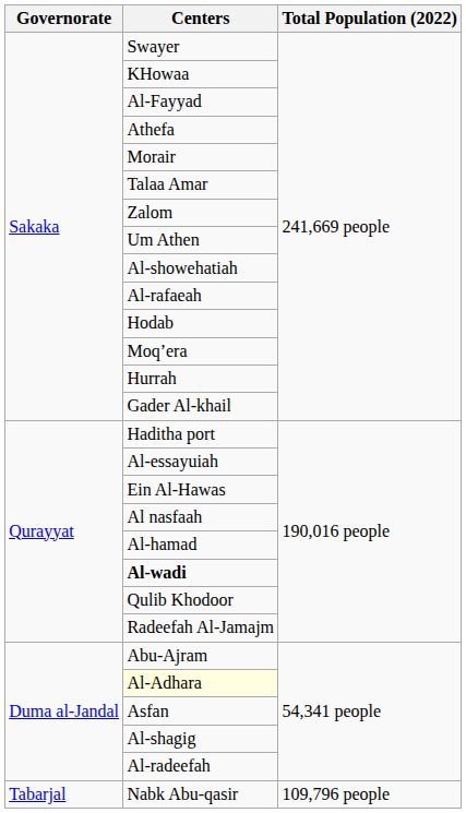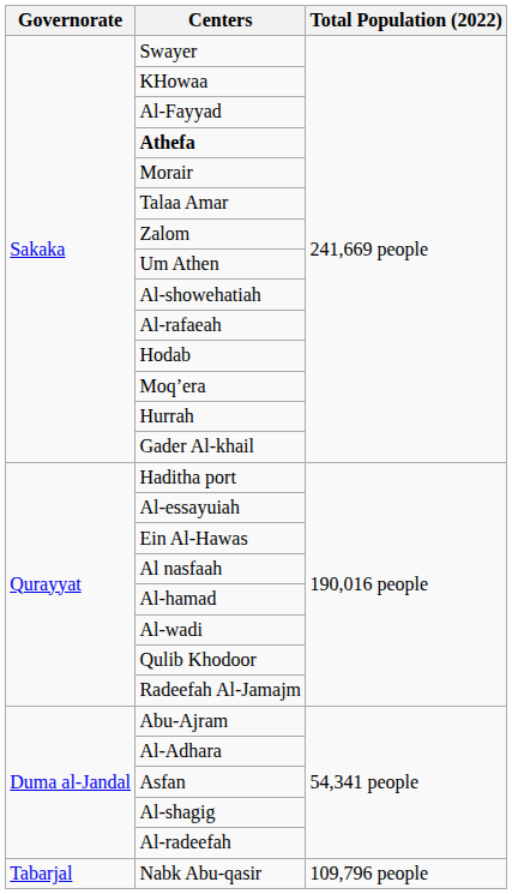 <table class="wikitable">
 <tr>
 <th>Governorate</th>
 <th>Centers</th>
 <th>Total Population (2022)</th>
 </tr>
 <tr>
 <td rowspan="14"><a href='#'>Sakaka</a></td>
 <td>Swayer</td>
 <td rowspan="14">241,669 people</td>
 </tr>
 <tr>
 <td>KHowaa</td>
 </tr>
 <tr>
 <td>Al-Fayyad</td>
 </tr>
 <tr>
-<td>Athefa</td>
+<td><strong>Athefa</strong></td>
 </tr>
 <tr>
 <td>Morair</td>
 </tr>
 <tr>
 <td>Talaa Amar</td>
 </tr>
 <tr>
 <td>Zalom</td>
 </tr>
 <tr>
 <td>Um Athen</td>
 </tr>
 <tr>
 <td>Al-showehatiah</td>
 </tr>
 <tr>
 <td>Al-rafaeah</td>
 </tr>
 <tr>
 <td>Hodab</td>
 </tr>
 <tr>
 <td>Moq’era</td>
 </tr>
 <tr>
 <td>Hurrah</td>
 </tr>
 <tr>
 <td>Gader Al-khail</td>
 </tr>
 <tr>
 <td rowspan="8"><a href='#'>Qurayyat</a></td>
 <td>Haditha port</td>
 <td rowspan="8">190,016 people</td>
 </tr>
 <tr>
 <td>Al-essayuiah</td>
 </tr>
 <tr>
 <td>Ein Al-Hawas</td>
 </tr>
 <tr>
 <td>Al nasfaah</td>
 </tr>
 <tr>
 <td>Al-hamad</td>
 </tr>
 <tr>
-<td><strong>Al-wadi</strong></td>
+<td>Al-wadi</td>
 </tr>
 <tr>
 <td>Qulib Khodoor</td>
 </tr>
 <tr>
 <td>Radeefah Al-Jamajm</td>
 </tr>
 <tr>
 <td rowspan="5"><a href='#'>Duma al-Jandal</a></td>
 <td>Abu-Ajram</td>
 <td rowspan="5">54,341 people</td>
 </tr>
 <tr>
-<td style="background: lightyellow;">Al-Adhara</td>
+<td>Al-Adhara</td>
 </tr>
 <tr>
 <td>Asfan</td>
 </tr>
 <tr>
 <td>Al-shagig</td>
 </tr>
 <tr>
 <td>Al-radeefah</td>
 </tr>
 <tr>
 <td rowspan="6"><a href='#'>Tabarjal</a></td>
 <td>Nabk Abu-qasir</td>
 <td rowspan="6">109,796 people</td>
 </tr>
 </table>
